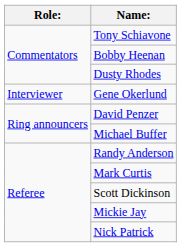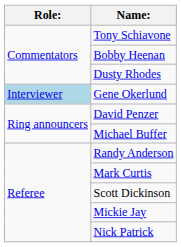 <table class=wikitable style="font-size:90%; margin: 0.5em 0 0.5em 1em; float: right; clear: right;">
 <tr>
 <th>Role:</th>
 <th>Name:</th>
 </tr>
 <tr>
 <td rowspan=3><a href='#'>Commentators</a></td>
 <td><a href='#'>Tony Schiavone</a></td>
 </tr>
 <tr>
 <td><a href='#'>Bobby Heenan</a></td>
 </tr>
 <tr>
 <td><a href='#'>Dusty Rhodes</a></td>
 </tr>
 <tr>
-<td><a href='#'>Interviewer</a></td>
+<td style="background: lightblue;"><a href='#'>Interviewer</a></td>
 <td><a href='#'>Gene Okerlund</a></td>
 </tr>
 <tr>
 <td rowspan=2><a href='#'>Ring announcers</a></td>
 <td><a href='#'>David Penzer</a></td>
 </tr>
 <tr>
 <td><a href='#'>Michael Buffer</a></td>
 </tr>
 <tr>
 <td rowspan=5><a href='#'>Referee</a></td>
 <td><a href='#'>Randy Anderson</a></td>
 </tr>
 <tr>
 <td><a href='#'>Mark Curtis</a></td>
 </tr>
 <tr>
 <td>Scott Dickinson</td>
 </tr>
 <tr>
 <td><a href='#'>Mickie Jay</a></td>
 </tr>
 <tr>
 <td><a href='#'>Nick Patrick</a></td>
 </tr>
 </table>
